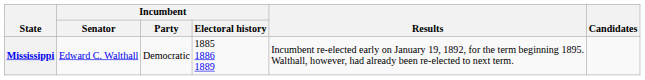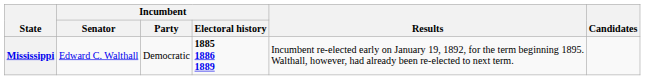 <table class=wikitable>
 <tr valign=bottom>
 <th rowspan=2>State</th>
 <th colspan=3>Incumbent</th>
 <th rowspan=2>Results</th>
 <th rowspan=2>Candidates</th>
 </tr>
 <tr>
 <th>Senator</th>
 <th>Party</th>
 <th>Electoral history</th>
 </tr>
 <tr>
 <th><a href='#'>Mississippi</a></th>
 <td><a href='#'>Edward C. Walthall</a></td>
 <td>Democratic</td>
-<td>1885 <br><a href='#'>1886 </a><br><a href='#'>1889</a></td>
+<td><strong>1885 <br><a href='#'>1886 </a><br><a href='#'>1889</a></strong></td>
 <td>Incumbent re-elected early on January 19, 1892, for the term beginning 1895.<br>Walthall, however, had already been re-elected to next term.</td>
 <td nowrap></td>
 </tr>
 </table>
